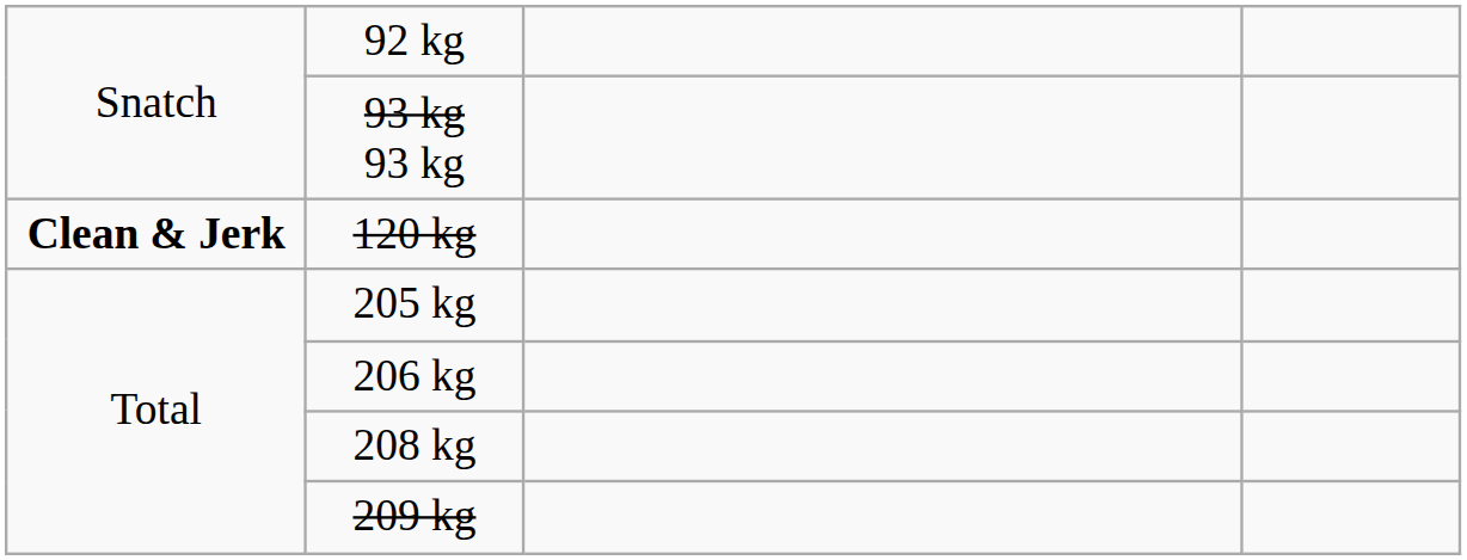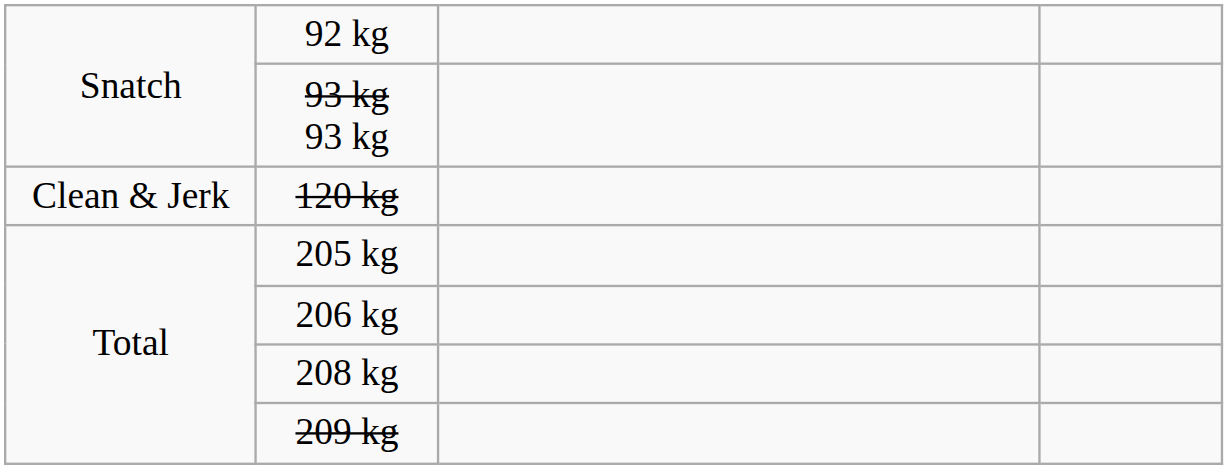 <table class = "wikitable" style="text-align:center;">
 <tr>
 <td rowspan=2 width=100>Snatch</td>
 <td width=70>92 kg</td>
 <td width=250 align=left></td>
 <td width=70></td>
 </tr>
 <tr>
 <td><s>93 kg</s><br>93 kg</td>
 <td align=left><s></s><br></td>
 <td><s></s><br></td>
 </tr>
 <tr>
-<td><strong>Clean & Jerk</strong></td>
+<td>Clean & Jerk</td>
 <td><s>120 kg</s></td>
 <td align=left><s></s></td>
 <td><s></s></td>
 </tr>
 <tr>
 <td rowspan=4>Total</td>
 <td>205 kg</td>
 <td align=left></td>
 <td></td>
 </tr>
 <tr>
 <td>206 kg</td>
 <td align=left></td>
 <td></td>
 </tr>
 <tr>
 <td>208 kg</td>
 <td align=left></td>
 <td></td>
 </tr>
 <tr>
 <td><s>209 kg</s></td>
 <td align=left><s></s></td>
 <td><s></s></td>
 </tr>
 </table>
